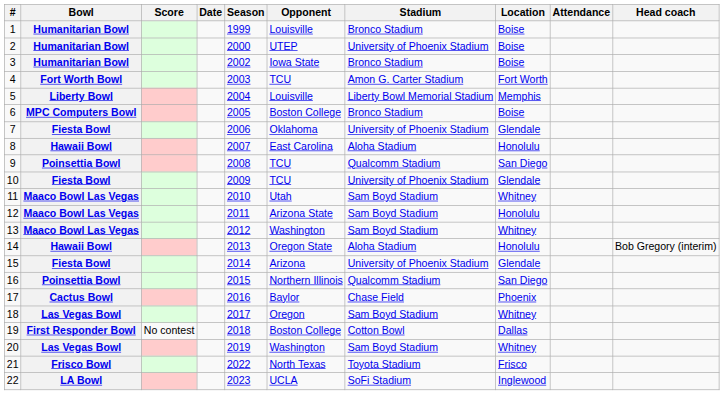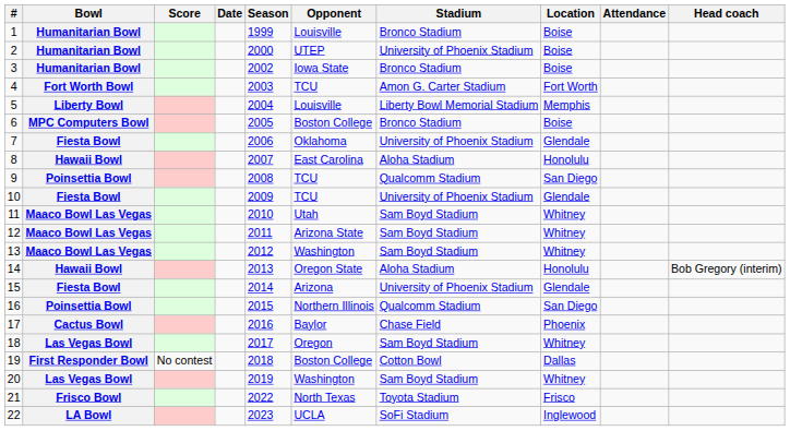 <table class="wikitable sortable">
 <tr>
 <th scope="col">#</th>
 <th scope="col">Bowl</th>
 <th scope="col">Score</th>
 <th scope="col">Date</th>
 <th scope="col">Season</th>
 <th scope="col">Opponent</th>
 <th scope="col">Stadium</th>
 <th scope="col">Location</th>
 <th scope="col">Attendance</th>
 <th scope="col">Head coach</th>
 </tr>
 <tr>
 <td align="center">1</td>
 <th scope="row"><a href='#'>Humanitarian Bowl</a></th>
 <td style="background:#dfd;"></td>
 <td></td>
 <td><a href='#'>1999</a></td>
 <td><a href='#'>Louisville</a></td>
 <td><a href='#'>Bronco Stadium</a></td>
 <td><a href='#'>Boise</a></td>
 <td></td>
 <td></td>
 </tr>
 <tr>
 <td align="center">2</td>
 <th scope="row"><a href='#'>Humanitarian Bowl</a></th>
 <td style="background:#dfd;"></td>
 <td></td>
 <td><a href='#'>2000</a></td>
 <td><a href='#'>UTEP</a></td>
 <td><a href='#'>University of Phoenix Stadium</a></td>
 <td><a href='#'>Boise</a></td>
 <td></td>
 <td></td>
 </tr>
 <tr>
 <td align="center">3</td>
 <th scope="row"><a href='#'>Humanitarian Bowl</a></th>
 <td style="background:#dfd;"></td>
 <td></td>
 <td><a href='#'>2002</a></td>
 <td><a href='#'>Iowa State</a></td>
 <td><a href='#'>Bronco Stadium</a></td>
 <td><a href='#'>Boise</a></td>
 <td></td>
 <td></td>
 </tr>
 <tr>
 <td align="center">4</td>
 <th scope="row"><a href='#'>Fort Worth Bowl</a></th>
 <td style="background:#dfd;"></td>
 <td></td>
 <td><a href='#'>2003</a></td>
 <td><a href='#'>TCU</a></td>
 <td><a href='#'>Amon G. Carter Stadium</a></td>
 <td><a href='#'>Fort Worth</a></td>
 <td></td>
 <td></td>
 </tr>
 <tr>
 <td align="center">5</td>
 <th scope="row"><a href='#'>Liberty Bowl</a></th>
 <td style="background:#fcc;"></td>
 <td></td>
 <td><a href='#'>2004</a></td>
 <td><a href='#'>Louisville</a></td>
 <td><a href='#'>Liberty Bowl Memorial Stadium</a></td>
 <td><a href='#'>Memphis</a></td>
 <td></td>
 <td></td>
 </tr>
 <tr>
 <td align="center">6</td>
 <th scope="row"><a href='#'>MPC Computers Bowl</a></th>
 <td style="background:#fcc;"></td>
 <td></td>
 <td><a href='#'>2005</a></td>
 <td><a href='#'>Boston College</a></td>
 <td><a href='#'>Bronco Stadium</a></td>
 <td><a href='#'>Boise</a></td>
 <td></td>
 <td></td>
 </tr>
 <tr>
 <td align="center">7</td>
 <th scope="row"><a href='#'>Fiesta Bowl</a></th>
 <td style="background:#dfd;"></td>
 <td></td>
 <td><a href='#'>2006</a></td>
 <td><a href='#'>Oklahoma</a></td>
 <td><a href='#'>University of Phoenix Stadium</a></td>
 <td><a href='#'>Glendale</a></td>
 <td></td>
 <td></td>
 </tr>
 <tr>
 <td align="center">8</td>
 <th scope="row"><a href='#'>Hawaii Bowl</a></th>
 <td style="background:#fcc;"></td>
 <td></td>
 <td><a href='#'>2007</a></td>
 <td><a href='#'>East Carolina</a></td>
 <td><a href='#'>Aloha Stadium</a></td>
 <td><a href='#'>Honolulu</a></td>
 <td></td>
 <td></td>
 </tr>
 <tr>
 <td align="center">9</td>
 <th scope="row"><a href='#'>Poinsettia Bowl</a></th>
 <td style="background:#fcc;"></td>
 <td></td>
 <td><a href='#'>2008</a></td>
 <td><a href='#'>TCU</a></td>
 <td><a href='#'>Qualcomm Stadium</a></td>
 <td><a href='#'>San Diego</a></td>
 <td></td>
 <td></td>
 </tr>
 <tr>
 <td align="center">10</td>
 <th scope="row"><a href='#'>Fiesta Bowl</a></th>
 <td style="background:#dfd;"></td>
 <td></td>
 <td><a href='#'>2009</a></td>
 <td><a href='#'>TCU</a></td>
 <td><a href='#'>University of Phoenix Stadium</a></td>
 <td><a href='#'>Glendale</a></td>
 <td></td>
 <td></td>
 </tr>
 <tr>
 <td align="center">11</td>
 <th scope="row"><a href='#'>Maaco Bowl Las Vegas</a></th>
 <td style="background:#dfd;"></td>
 <td></td>
 <td><a href='#'>2010</a></td>
 <td><a href='#'>Utah</a></td>
 <td><a href='#'>Sam Boyd Stadium</a></td>
 <td><a href='#'>Whitney</a></td>
 <td></td>
 <td></td>
 </tr>
 <tr>
 <td align="center">12</td>
 <th scope="row"><a href='#'>Maaco Bowl Las Vegas</a></th>
 <td style="background:#dfd;"></td>
 <td></td>
 <td><a href='#'>2011</a></td>
 <td><a href='#'>Arizona State</a></td>
 <td><a href='#'>Sam Boyd Stadium</a></td>
-<td><a href='#'>Honolulu</a></td>
+<td><a href='#'>Whitney</a></td>
 <td></td>
 <td></td>
 </tr>
 <tr>
 <td align="center">13</td>
 <th scope="row"><a href='#'>Maaco Bowl Las Vegas</a></th>
 <td style="background:#dfd;"></td>
 <td></td>
 <td><a href='#'>2012</a></td>
 <td><a href='#'>Washington</a></td>
 <td><a href='#'>Sam Boyd Stadium</a></td>
 <td><a href='#'>Whitney</a></td>
 <td></td>
 <td></td>
 </tr>
 <tr>
 <td align="center">14</td>
 <th scope="row"><a href='#'>Hawaii Bowl</a></th>
 <td style="background:#fcc;"></td>
 <td></td>
 <td><a href='#'>2013</a></td>
 <td><a href='#'>Oregon State</a></td>
 <td><a href='#'>Aloha Stadium</a></td>
 <td><a href='#'>Honolulu</a></td>
 <td></td>
 <td>Bob Gregory (interim)</td>
 </tr>
 <tr>
 <td align="center">15</td>
 <th scope="row"><a href='#'>Fiesta Bowl</a></th>
 <td style="background:#dfd;"></td>
 <td></td>
 <td><a href='#'>2014</a></td>
 <td><a href='#'>Arizona</a></td>
 <td><a href='#'>University of Phoenix Stadium</a></td>
 <td><a href='#'>Glendale</a></td>
 <td></td>
 <td></td>
 </tr>
 <tr>
 <td align="center">16</td>
 <th scope="row"><a href='#'>Poinsettia Bowl</a></th>
 <td style="background:#dfd;"></td>
 <td></td>
 <td><a href='#'>2015</a></td>
 <td><a href='#'>Northern Illinois</a></td>
 <td><a href='#'>Qualcomm Stadium</a></td>
 <td><a href='#'>San Diego</a></td>
 <td></td>
 <td></td>
 </tr>
 <tr>
 <td align="center">17</td>
 <th scope="row"><a href='#'>Cactus Bowl</a></th>
 <td style="background:#fcc;"></td>
 <td></td>
 <td><a href='#'>2016</a></td>
 <td><a href='#'>Baylor</a></td>
 <td><a href='#'>Chase Field</a></td>
 <td><a href='#'>Phoenix</a></td>
 <td></td>
 <td></td>
 </tr>
 <tr>
 <td align="center">18</td>
 <th scope="row"><a href='#'>Las Vegas Bowl</a></th>
 <td style="background:#dfd;"></td>
 <td></td>
 <td><a href='#'>2017</a></td>
 <td><a href='#'>Oregon</a></td>
 <td><a href='#'>Sam Boyd Stadium</a></td>
 <td><a href='#'>Whitney</a></td>
 <td></td>
 <td></td>
 </tr>
 <tr>
 <td align="center">19</td>
 <th scope="row"><a href='#'>First Responder Bowl</a></th>
 <td style="background:">No contest</td>
 <td></td>
 <td><a href='#'>2018</a></td>
 <td><a href='#'>Boston College</a></td>
 <td><a href='#'>Cotton Bowl</a></td>
 <td><a href='#'>Dallas</a></td>
 <td></td>
 <td></td>
 </tr>
 <tr>
 <td align="center">20</td>
 <th scope="row"><a href='#'>Las Vegas Bowl</a></th>
 <td style="background:#fcc;"></td>
 <td></td>
 <td><a href='#'>2019</a></td>
 <td><a href='#'>Washington</a></td>
 <td><a href='#'>Sam Boyd Stadium</a></td>
 <td><a href='#'>Whitney</a></td>
 <td></td>
 <td></td>
 </tr>
 <tr>
 <td align="center">21</td>
 <th scope="row"><a href='#'>Frisco Bowl</a></th>
 <td style="background:#dfd;"></td>
 <td></td>
 <td><a href='#'>2022</a></td>
 <td><a href='#'>North Texas</a></td>
 <td><a href='#'>Toyota Stadium</a></td>
 <td><a href='#'>Frisco</a></td>
 <td></td>
 <td></td>
 </tr>
 <tr>
 <td align="center">22</td>
 <th scope="row"><a href='#'>LA Bowl</a></th>
 <td style="background:#fcc;"></td>
 <td></td>
 <td><a href='#'>2023</a></td>
 <td><a href='#'>UCLA</a></td>
 <td><a href='#'>SoFi Stadium</a></td>
 <td><a href='#'>Inglewood</a></td>
 <td></td>
 <td></td>
 </tr>
 </table>
